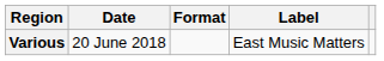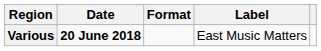 <table class="wikitable plainrowheaders">
 <tr>
 <th>Region</th>
 <th>Date</th>
 <th>Format</th>
 <th>Label</th>
 <th></th>
 </tr>
 <tr>
 <th scope="row" rowspan="2">Various</th>
-<td>20 June 2018</td>
+<td><strong>20 June 2018</strong></td>
 <td></td>
 <td>East Music Matters</td>
 <td></td>
 </tr>
 </table>
